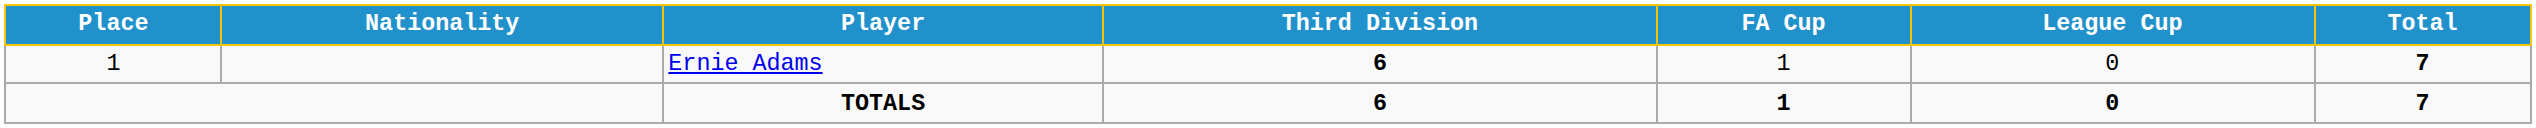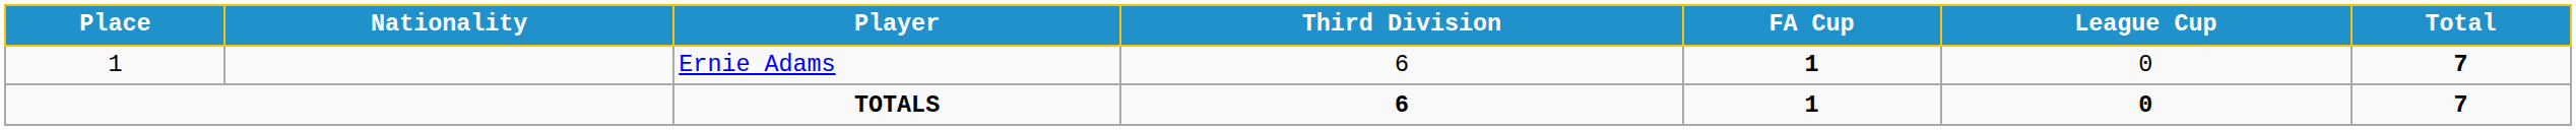 <table class="wikitable" style="text-align:center; font-size:90%; width:100%;">
 <tr>
 <th style="background:#2191CC; color:white; border:1px solid #F7C408; text-align:center;">Place</th>
 <th style="background:#2191CC; color:white; border:1px solid #F7C408; text-align:center;">Nationality</th>
 <th style="background:#2191CC; color:white; border:1px solid #F7C408; text-align:center;">Player</th>
 <th style="background:#2191CC; color:white; border:1px solid #F7C408; text-align:center;">Third Division</th>
 <th style="background:#2191CC; color:white; border:1px solid #F7C408; text-align:center;">FA Cup</th>
 <th style="background:#2191CC; color:white; border:1px solid #F7C408; text-align:center;">League Cup</th>
 <th style="background:#2191CC; color:white; border:1px solid #F7C408; text-align:center;">Total</th>
 </tr>
 <tr>
 <td>1</td>
 <td></td>
 <td align="left"><a href='#'>Ernie Adams</a></td>
-<td><strong>6</strong></td>
-<td>1</td>
+<td>6</td>
+<td><strong>1</strong></td>
 <td>0</td>
 <td><strong>7</strong></td>
 </tr>
 <tr>
 <td colspan="2"></td>
 <td><strong>TOTALS</strong></td>
 <td><strong>6</strong></td>
 <td><strong>1</strong></td>
 <td><strong>0</strong></td>
 <td><strong>7</strong></td>
 </tr>
 </table>
